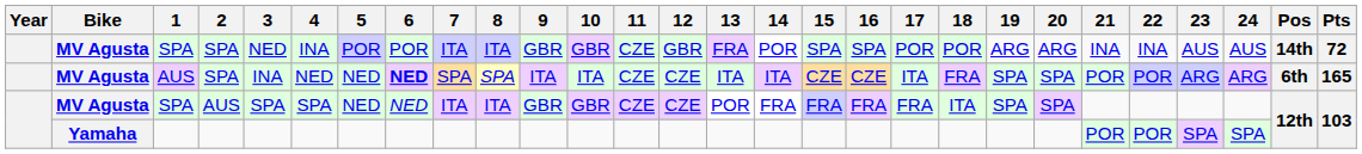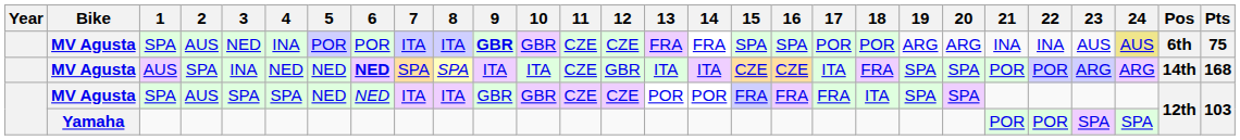 <table class="wikitable" style="text-align:center; font-size:90%;">
 <tr>
 <th>Year</th>
 <th>Bike</th>
 <th>1</th>
 <th>2</th>
 <th>3</th>
 <th>4</th>
 <th>5</th>
 <th>6</th>
 <th>7</th>
 <th>8</th>
 <th>9</th>
 <th>10</th>
 <th>11</th>
 <th>12</th>
 <th>13</th>
 <th>14</th>
 <th>15</th>
 <th>16</th>
 <th>17</th>
 <th>18</th>
 <th>19</th>
 <th>20</th>
 <th>21</th>
 <th>22</th>
 <th>23</th>
 <th>24</th>
 <th>Pos</th>
 <th>Pts</th>
 </tr>
 <tr>
 <th></th>
 <th><a href='#'>MV Agusta</a></th>
 <td style="background:#dfffdf;"><a href='#'>SPA</a><br></td>
-<td style="background:#dfffdf;"><a href='#'>SPA</a><br></td>
+<td style="background:#dfffdf;"><a href='#'>AUS</a><br></td>
 <td style="background:#dfffdf;"><a href='#'>NED</a><br></td>
 <td style="background:#dfffdf;"><a href='#'>INA</a><br></td>
 <td style="background:#cfcfff;"><a href='#'>POR</a><br></td>
 <td style="background:#dfffdf;"><a href='#'>POR</a><br></td>
 <td style="background:#cfcfff;"><a href='#'>ITA</a><br></td>
 <td style="background:#cfcfff;"><a href='#'>ITA</a><br></td>
-<td style="background:#dfffdf;"><a href='#'>GBR</a><br></td>
+<td style="background:#dfffdf;"><strong><a href='#'>GBR</a><br></strong></td>
 <td style="background:#efcfff;"><a href='#'>GBR</a><br></td>
 <td style="background:#dfffdf;"><a href='#'>CZE</a><br></td>
-<td style="background:#dfffdf;"><a href='#'>GBR</a><br></td>
+<td style="background:#dfffdf;"><a href='#'>CZE</a><br></td>
 <td style="background:#EFCFFF;"><a href='#'>FRA</a><br></td>
-<td style="background:#ffffff;"><a href='#'>POR</a><br></td>
+<td style="background:#FFFFFF;"><a href='#'>FRA</a><br></td>
 <td style="background:#dfffdf;"><a href='#'>SPA</a><br></td>
 <td style="background:#dfffdf;"><a href='#'>SPA</a><br></td>
 <td style="background:#dfffdf;"><a href='#'>POR</a><br></td>
 <td style="background:#dfffdf;"><a href='#'>POR</a><br></td>
 <td><a href='#'>ARG</a></td>
 <td><a href='#'>ARG</a></td>
 <td><a href='#'>INA</a></td>
 <td><a href='#'>INA</a></td>
 <td><a href='#'>AUS</a></td>
-<td><a href='#'>AUS</a></td>
-<th>14th</th>
-<th>72</th>
+<td style="background: khaki;"><a href='#'>AUS</a></td>
+<th>6th</th>
+<th>75</th>
 </tr>
 <tr>
 <th></th>
 <th><a href='#'>MV Agusta</a></th>
 <td style="background:#efcfff;"><a href='#'>AUS</a><br></td>
 <td style="background:#dfffdf;"><a href='#'>SPA</a><br></td>
 <td style="background:#dfffdf;"><a href='#'>INA</a><br></td>
 <td style="background:#dfffdf;"><a href='#'>NED</a><br></td>
 <td style="background:#dfffdf;"><a href='#'>NED</a><br></td>
 <td style="background:#efcfff;"><strong><a href='#'>NED</a><br></strong></td>
 <td style="background:#ffdf9f;"><a href='#'>SPA</a><br></td>
 <td style="background:#ffffbf;"><em><a href='#'>SPA</a></em><br></td>
 <td style="background:#efcfff;"><a href='#'>ITA</a><br></td>
 <td style="background:#dfffdf;"><a href='#'>ITA</a><br></td>
 <td style="background:#dfffdf;"><a href='#'>CZE</a><br></td>
-<td style="background:#dfffdf;"><a href='#'>CZE</a><br></td>
+<td style="background:#dfffdf;"><a href='#'>GBR</a><br></td>
 <td style="background:#dfffdf;"><a href='#'>ITA</a><br></td>
 <td style="background:#efcfff;"><a href='#'>ITA</a><br></td>
 <td style="background:#ffdf9f;"><a href='#'>CZE</a><br></td>
 <td style="background:#ffdf9f;"><a href='#'>CZE</a><br></td>
 <td style="background:#dfffdf;"><a href='#'>ITA</a><br></td>
 <td style="background:#efcfff;"><a href='#'>FRA</a><br></td>
 <td style="background:#dfffdf;"><a href='#'>SPA</a><br></td>
 <td style="background:#dfffdf;"><a href='#'>SPA</a><br></td>
 <td style="background:#dfffdf;"><a href='#'>POR</a><br></td>
 <td style="background:#cfcfff;"><a href='#'>POR</a><br></td>
 <td style="background:#cfcfff;"><a href='#'>ARG</a><br></td>
 <td style="background:#efcfff;"><a href='#'>ARG</a><br></td>
-<th>6th</th>
-<th>165</th>
+<th>14th</th>
+<th>168</th>
 </tr>
 <tr>
 <th rowspan="2"></th>
 <th><a href='#'>MV Agusta</a></th>
 <td style="background:#dfffdf;"><a href='#'>SPA</a><br></td>
 <td style="background:#dfffdf;"><a href='#'>AUS</a><br></td>
 <td style="background:#dfffdf;"><a href='#'>SPA</a><br></td>
 <td style="background:#dfffdf;"><a href='#'>SPA</a><br></td>
 <td style="background:#dfffdf;"><a href='#'>NED</a><br></td>
 <td style="background:#dfffdf;"><em><a href='#'>NED</a></em><br></td>
 <td style="background:#efcfff;"><a href='#'>ITA</a><br></td>
 <td style="background:#efcfff;"><a href='#'>ITA</a><br></td>
 <td style="background:#dfffdf;"><a href='#'>GBR</a><br></td>
 <td style="background:#efcfff;"><a href='#'>GBR</a><br></td>
 <td style="background:#efcfff;"><a href='#'>CZE</a><br></td>
 <td style="background:#efcfff;"><a href='#'>CZE</a><br></td>
 <td style="background:#ffffff;"><a href='#'>POR</a><br></td>
-<td style="background:#FFFFFF;"><a href='#'>FRA</a><br></td>
+<td style="background:#ffffff;"><a href='#'>POR</a><br></td>
 <td style="background:#cfcfff;"><a href='#'>FRA</a><br></td>
 <td style="background:#efcfff;"><a href='#'>FRA</a><br></td>
 <td style="background:#dfffdf;"><a href='#'>FRA</a><br></td>
 <td style="background:#dfffdf;"><a href='#'>ITA</a><br></td>
 <td style="background:#dfffdf;"><a href='#'>SPA</a><br></td>
 <td style="background:#efcfff;"><a href='#'>SPA</a><br></td>
 <td></td>
 <td></td>
 <td></td>
 <td></td>
 <th rowspan="2">12th</th>
 <th rowspan="2">103</th>
 </tr>
 <tr>
 <th><a href='#'>Yamaha</a></th>
 <td></td>
 <td></td>
 <td></td>
 <td></td>
 <td></td>
 <td></td>
 <td></td>
 <td></td>
 <td></td>
 <td></td>
 <td></td>
 <td></td>
 <td></td>
 <td></td>
 <td></td>
 <td></td>
 <td></td>
 <td></td>
 <td></td>
 <td></td>
 <td style="background:#dfffdf;"><a href='#'>POR</a><br></td>
 <td style="background:#dfffdf;"><a href='#'>POR</a><br></td>
 <td style="background:#efcfff;"><a href='#'>SPA</a><br></td>
 <td style="background:#dfffdf;"><a href='#'>SPA</a><br></td>
 </tr>
 </table>
